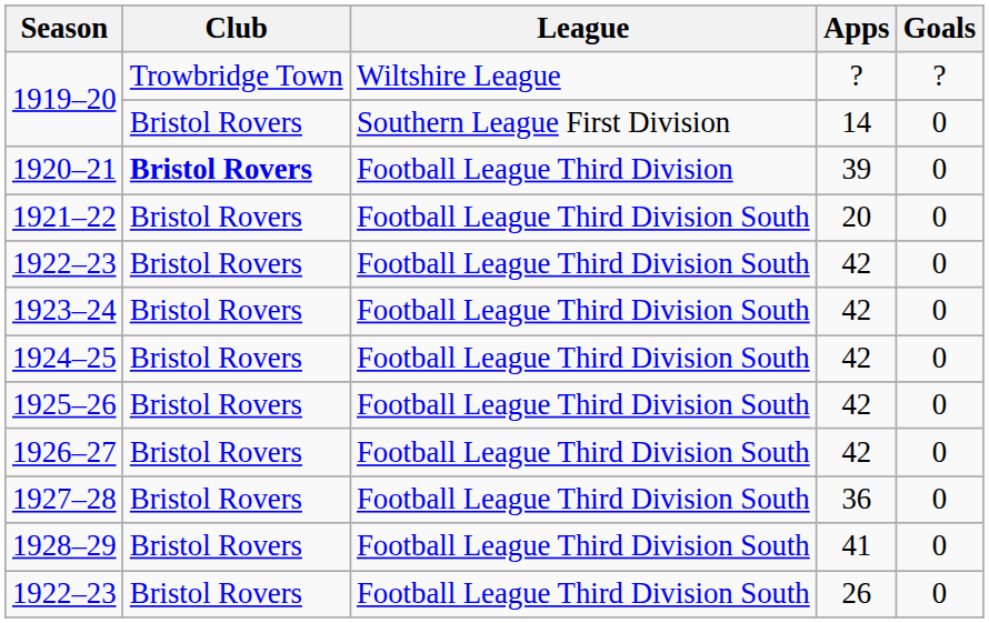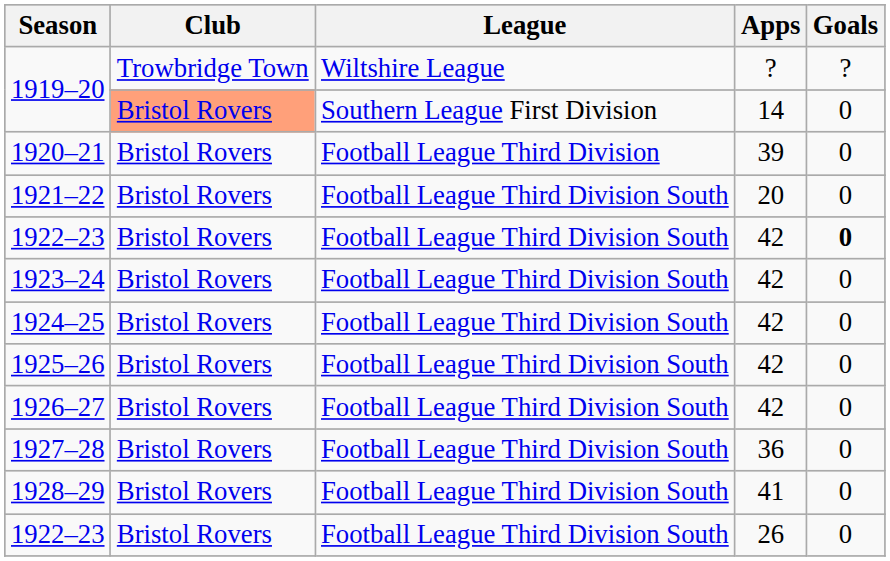 <table class="wikitable">
 <tr>
 <th>Season</th>
 <th>Club</th>
 <th>League</th>
 <th>Apps</th>
 <th>Goals</th>
 </tr>
 <tr>
 <td rowspan="2"><a href='#'>1919–20</a></td>
 <td><a href='#'>Trowbridge Town</a></td>
 <td><a href='#'>Wiltshire League</a></td>
 <td align="center">?</td>
 <td align="center">?</td>
 </tr>
 <tr>
-<td><a href='#'>Bristol Rovers</a></td>
+<td style="background: lightsalmon;"><a href='#'>Bristol Rovers</a></td>
 <td><a href='#'>Southern League</a> First Division</td>
 <td align="center">14</td>
 <td align="center">0</td>
 </tr>
 <tr>
 <td><a href='#'>1920–21</a></td>
-<td><strong><a href='#'>Bristol Rovers</a></strong></td>
+<td><a href='#'>Bristol Rovers</a></td>
 <td><a href='#'>Football League Third Division</a></td>
 <td align="center">39</td>
 <td align="center">0</td>
 </tr>
 <tr>
 <td><a href='#'>1921–22</a></td>
 <td><a href='#'>Bristol Rovers</a></td>
 <td><a href='#'>Football League Third Division South</a></td>
 <td align="center">20</td>
 <td align="center">0</td>
 </tr>
 <tr>
 <td><a href='#'>1922–23</a></td>
 <td><a href='#'>Bristol Rovers</a></td>
 <td><a href='#'>Football League Third Division South</a></td>
 <td align="center">42</td>
-<td align="center">0</td>
+<td align="center"><strong>0</strong></td>
 </tr>
 <tr>
 <td><a href='#'>1923–24</a></td>
 <td><a href='#'>Bristol Rovers</a></td>
 <td><a href='#'>Football League Third Division South</a></td>
 <td align="center">42</td>
 <td align="center">0</td>
 </tr>
 <tr>
 <td><a href='#'>1924–25</a></td>
 <td><a href='#'>Bristol Rovers</a></td>
 <td><a href='#'>Football League Third Division South</a></td>
 <td align="center">42</td>
 <td align="center">0</td>
 </tr>
 <tr>
 <td><a href='#'>1925–26</a></td>
 <td><a href='#'>Bristol Rovers</a></td>
 <td><a href='#'>Football League Third Division South</a></td>
 <td align="center">42</td>
 <td align="center">0</td>
 </tr>
 <tr>
 <td><a href='#'>1926–27</a></td>
 <td><a href='#'>Bristol Rovers</a></td>
 <td><a href='#'>Football League Third Division South</a></td>
 <td align="center">42</td>
 <td align="center">0</td>
 </tr>
 <tr>
 <td><a href='#'>1927–28</a></td>
 <td><a href='#'>Bristol Rovers</a></td>
 <td><a href='#'>Football League Third Division South</a></td>
 <td align="center">36</td>
 <td align="center">0</td>
 </tr>
 <tr>
 <td><a href='#'>1928–29</a></td>
 <td><a href='#'>Bristol Rovers</a></td>
 <td><a href='#'>Football League Third Division South</a></td>
 <td align="center">41</td>
 <td align="center">0</td>
 </tr>
 <tr>
 <td><a href='#'>1922–23</a></td>
 <td><a href='#'>Bristol Rovers</a></td>
 <td><a href='#'>Football League Third Division South</a></td>
 <td align="center">26</td>
 <td align="center">0</td>
 </tr>
 </table>
